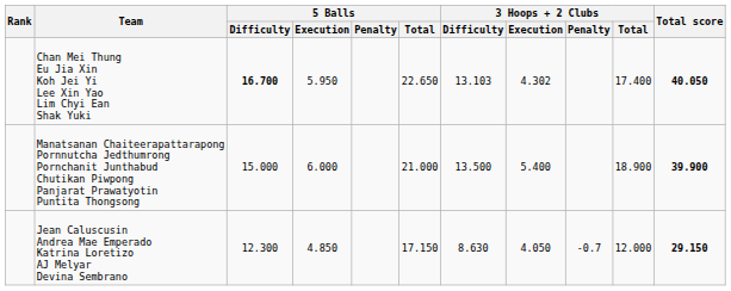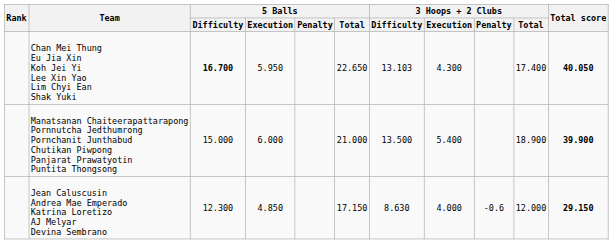 <table class="wikitable sortable" style="text-align:center">
 <tr>
 <th rowspan=2>Rank</th>
 <th rowspan=2>Team</th>
 <th colspan=4>5 Balls</th>
 <th colspan=4>3 Hoops + 2 Clubs</th>
 <th rowspan=2>Total score</th>
 </tr>
 <tr>
 <th>Difficulty</th>
 <th>Execution</th>
 <th>Penalty</th>
 <th>Total</th>
 <th>Difficulty</th>
 <th>Execution</th>
 <th>Penalty</th>
 <th>Total</th>
 </tr>
 <tr>
 <td></td>
 <td align="left"><br>Chan Mei Thung<br>Eu Jia Xin<br>Koh Jei Yi<br>Lee Xin Yao<br>Lim Chyi Ean<br>Shak Yuki</td>
 <td><strong>16.700</strong></td>
 <td>5.950</td>
 <td></td>
 <td>22.650</td>
 <td>13.103</td>
-<td>4.302</td>
+<td>4.300</td>
 <td></td>
 <td>17.400</td>
 <td><strong>40.050</strong></td>
 </tr>
 <tr>
 <td></td>
 <td align="left"><br>Manatsanan Chaiteerapattarapong<br>Pornnutcha Jedthumrong<br>Pornchanit Junthabud<br>Chutikan Piwpong<br>Panjarat Prawatyotin<br>Puntita Thongsong</td>
 <td>15.000</td>
 <td>6.000</td>
 <td></td>
 <td>21.000</td>
 <td>13.500</td>
 <td>5.400</td>
 <td></td>
 <td>18.900</td>
 <td><strong>39.900</strong></td>
 </tr>
 <tr>
 <td></td>
 <td align="left"><br>Jean Caluscusin<br>Andrea Mae Emperado<br>Katrina Loretizo<br>AJ Melyar<br>Devina Sembrano</td>
 <td>12.300</td>
 <td>4.850</td>
 <td></td>
 <td>17.150</td>
 <td>8.630</td>
-<td>4.050</td>
-<td>-0.7</td>
+<td>4.000</td>
+<td>-0.6</td>
 <td>12.000</td>
 <td><strong>29.150</strong></td>
 </tr>
 </table>
